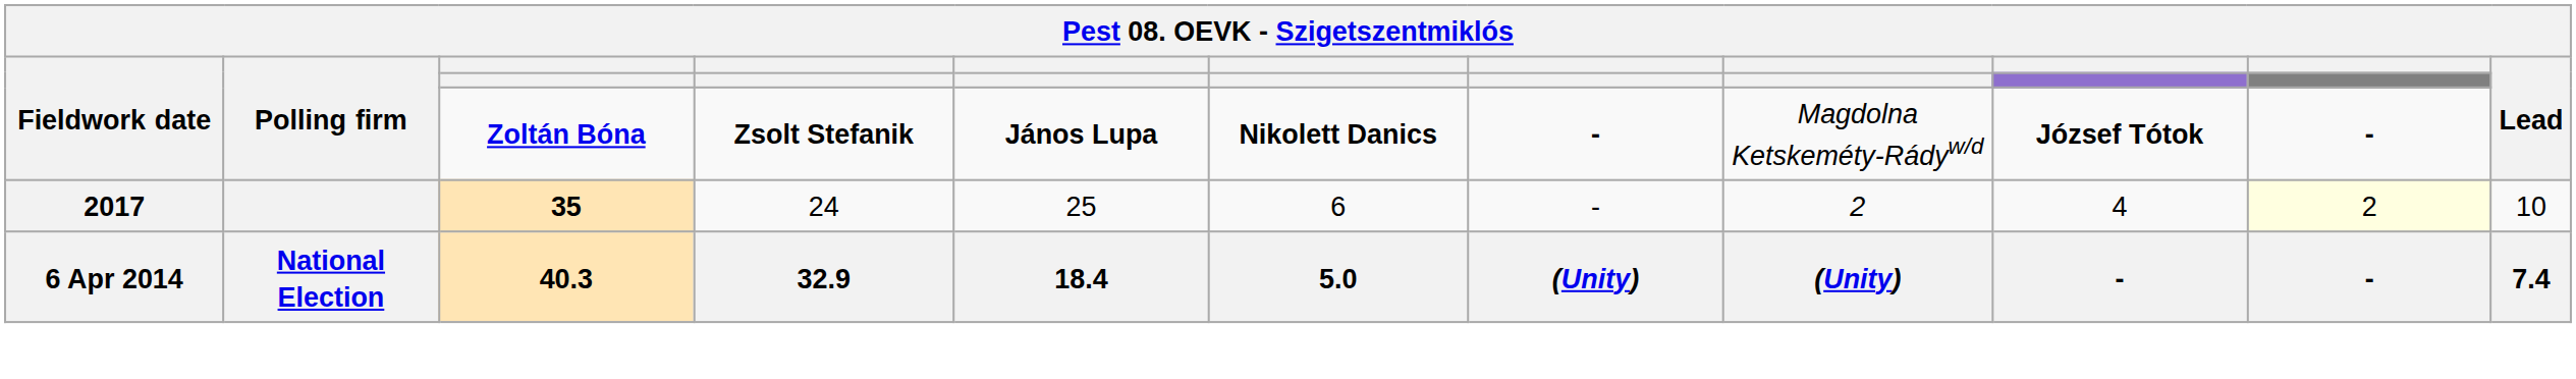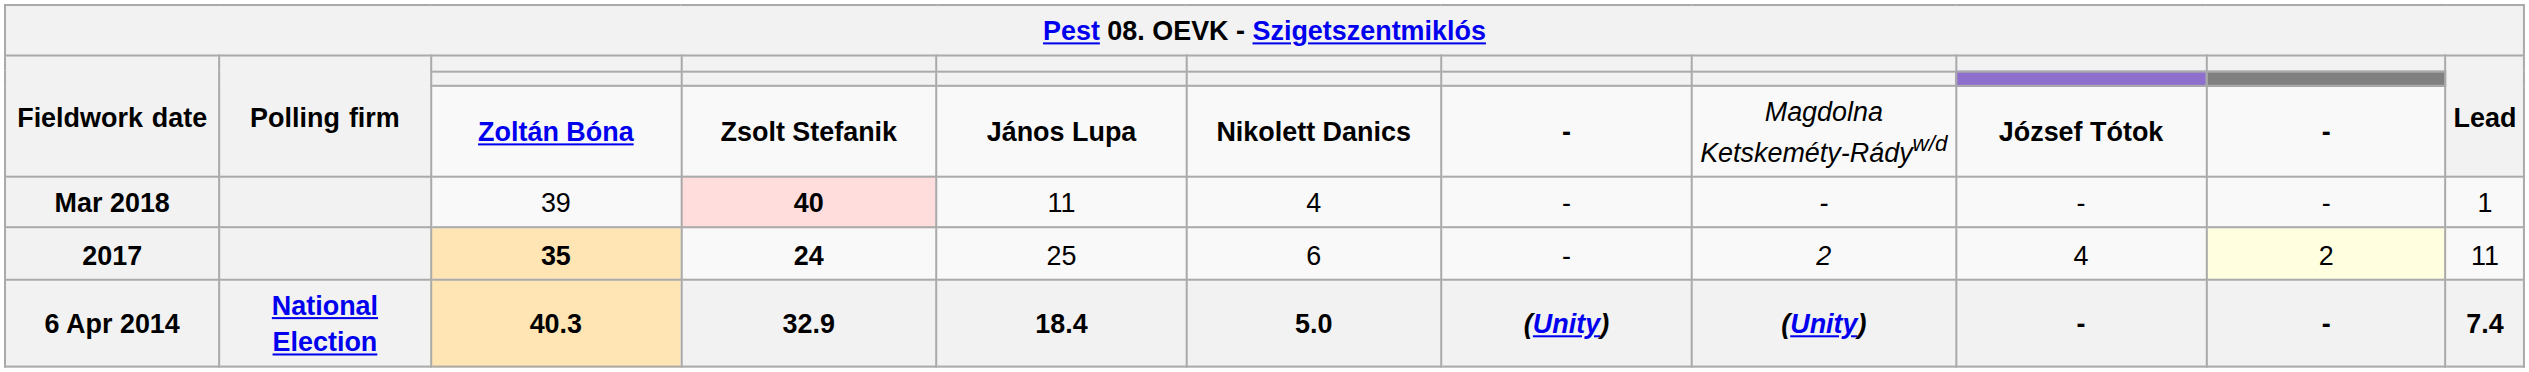 <table class="wikitable mw-collapsible mw-collapsed" style="text-align:center">
 <tr>
 <th colspan="11" style="width: 980pt;"><small><a href='#'>Pest</a> 08. OEVK - <a href='#'>Szigetszentmiklós</a></small></th>
 </tr>
 <tr>
 <th rowspan="3" style="width: 80pt;"><small>Fieldwork</small> <small>date</small></th>
 <th rowspan="3" style="width: 80pt;"><strong><small>Polling</small> <small>firm</small></strong></th>
 <th style="width: 100pt;"><small></small></th>
 <th style="width: 100pt;"><small> </small></th>
 <th style="width: 100pt;"></th>
 <th style="width: 100pt;"></th>
 <th style="width: 100pt;"></th>
 <th style="width: 100pt;"></th>
 <th style="width: 100pt;"></th>
 <th style="width: 100pt;"></th>
 <th rowspan="3" style="width: 20pt;"><small>Lead</small></th>
 </tr>
 <tr>
 <th style="color:inherit;background:"></th>
 <th style="color:inherit;background:"></th>
 <th style="color:inherit;background:"></th>
 <th style="color:inherit;background:"></th>
 <th style="color:inherit;background:"></th>
 <th style="color:inherit;background:"></th>
 <th style="color:inherit;background:#8E6FCE;"></th>
 <th style="color:inherit;background:#808080;"></th>
 </tr>
 <tr>
 <td><small><strong><a href='#'>Zoltán Bóna</a></strong></small></td>
 <td><small><strong>Zsolt Stefanik</strong></small></td>
 <td><small><strong>János Lupa</strong></small></td>
 <td><small><strong>Nikolett Danics</strong></small></td>
 <td><small><strong>-</strong></small></td>
 <td><em><small>Magdolna</small> <small>Ketskeméty-Rády<sup>w/d</sup></small></em></td>
 <td><small><strong>József Tótok</strong></small></td>
 <td><small><strong>-</strong></small></td>
 </tr>
 <tr>
+<th><small>Mar 2018</small></th>
+<th><small></small></th>
+<td><small>39</small></td>
+<td style="background:#FFDDDD"><strong><small>40</small></strong></td>
+<td><small>11</small></td>
+<td><small>4</small></td>
+<td><small>-</small></td>
+<td><small><em>-</em></small></td>
+<td><small>-</small></td>
+<td><small>-</small></td>
+<td style="background:"><small>1</small></td>
+</tr>
+<tr>
 <th><small>2017</small></th>
 <th><small></small></th>
 <td style="background:#FFE5B4"><strong><small>35</small></strong></td>
-<td><small>24</small></td>
+<td><strong><small>24</small></strong></td>
 <td><small>25</small></td>
 <td><small>6</small></td>
 <td><small>-</small></td>
 <td><small><em>2</em></small></td>
 <td><small>4</small></td>
 <td style="background: lightyellow;"><small>2</small></td>
-<td style="background:"><small>10</small></td>
+<td style="background:"><small>11</small></td>
 </tr>
 <tr>
 <th><small>6 Apr 2014</small></th>
 <th><a href='#'><small>National Election</small></a></th>
 <th style="background:#FFE5B4"><small>40.3</small></th>
 <th><small>32.9</small></th>
 <th><small>18.4</small></th>
 <th><small>5.0</small></th>
 <th><small><em>(<a href='#'>Unity</a>)</em></small></th>
 <th><small><em>(<a href='#'>Unity</a>)</em></small></th>
 <th><small>-</small></th>
 <th><small>-</small></th>
 <th style="background:"><small>7.4</small></th>
 </tr>
 </table>
